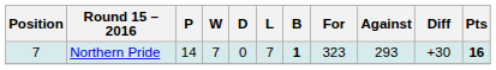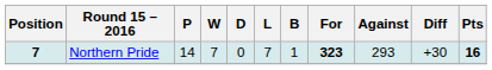 <table class="wikitable" style="text-align:center; font-size:85%;">
 <tr>
 <th width=40 abbr="Position">Position</th>
 <th width=100>Round 15 – 2016</th>
 <th width=20 abbr="Played">P</th>
 <th width=20 abbr="Won">W</th>
 <th width=20 abbr="Drawn">D</th>
 <th width=20 abbr="Lost">L</th>
 <th width=20 abbr="Bye">B</th>
 <th width=40 abbr="Points for">For</th>
 <th width=40 abbr="Points against">Against</th>
 <th width=40 abbr="Points difference">Diff</th>
 <th width=20 abbr="Points">Pts</th>
 </tr>
 <tr style="background: #d7ebed;">
-<td>7</td>
+<td><strong>7</strong></td>
 <td style="text-align:left;"> <a href='#'>Northern Pride</a></td>
 <td>14</td>
 <td>7</td>
 <td>0</td>
 <td>7</td>
-<td><strong>1</strong></td>
-<td>323</td>
+<td>1</td>
+<td><strong>323</strong></td>
 <td>293</td>
 <td>+30</td>
 <td><strong>16</strong></td>
 </tr>
 <tr>
 </tr>
 </table>
